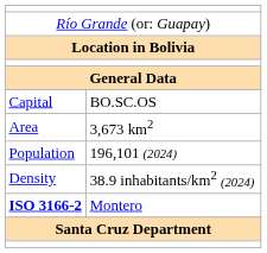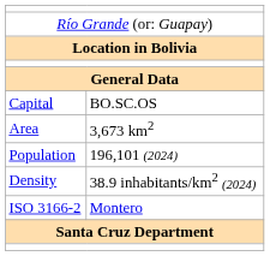 <table border=1 align=right cellpadding=3 cellspacing=0 width=270 style="margin: 0 0 1em 1em; border: 1px #aaa solid; border-collapse: collapse;">
 <tr>
 <td colspan="2" align="center" bgcolor="#ffffff"></td>
 </tr>
 <tr>
 <td colspan="2" align="center" bgcolor="#ffffff"><em><a href='#'>Río Grande</a></em> (or: <em>Guapay</em>)</td>
 </tr>
 <tr>
 <th colspan="2" bgcolor="#FFDEAD">Location in Bolivia</th>
 </tr>
 <tr>
 <td colspan="2" align="center" bgcolor="#ffffff"></td>
 </tr>
 <tr>
 <th colspan="2" bgcolor="#FFDEAD">General Data</th>
 </tr>
 <tr>
 <td><a href='#'>Capital</a></td>
 <td>BO.SC.OS</td>
 </tr>
 <tr>
 <td><a href='#'>Area</a></td>
 <td>3,673 km<sup>2</sup> </td>
 </tr>
 <tr>
 <td><a href='#'>Population</a></td>
 <td>196,101 <em><small>(2024)</small></em></td>
 </tr>
 <tr>
 <td><a href='#'>Density</a></td>
 <td>38.9 inhabitants/km<sup>2</sup> <em><small>(2024)</small></em></td>
 </tr>
 <tr>
-<td><strong><a href='#'>ISO 3166-2</a></strong></td>
+<td><a href='#'>ISO 3166-2</a></td>
 <td><a href='#'>Montero</a></td>
 </tr>
 <tr>
 <th colspan="2" bgcolor="#FFDEAD">Santa Cruz Department</th>
 </tr>
 <tr>
 <td colspan="2" align="center" bgcolor="#ffffff"></td>
 </tr>
 </table>
